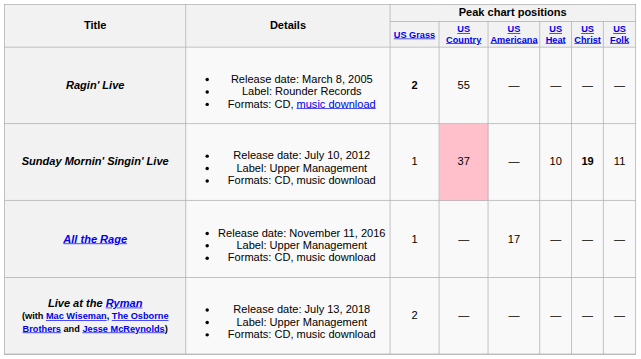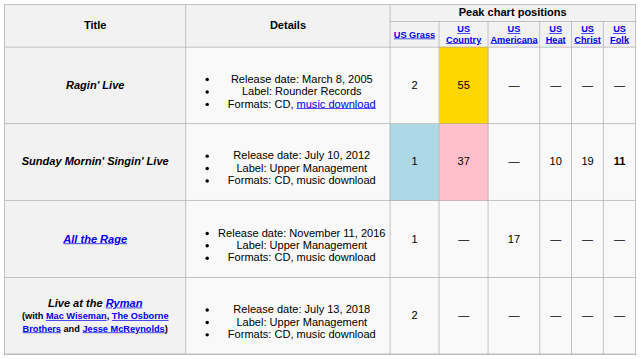 <table class="wikitable plainrowheaders" style="text-align:center;">
 <tr>
 <th rowspan="2" style="width:16em;">Title</th>
 <th rowspan="2" style="width:18em;">Details</th>
 <th colspan="7">Peak chart positions</th>
 </tr>
 <tr style="font-size:smaller;">
 <th width="65"><a href='#'>US Grass</a></th>
 <th width="65"><a href='#'>US Country</a></th>
 <th width="65"><a href='#'>US Americana</a></th>
 <th width="40"><a href='#'>US<br>Heat</a><br></th>
 <th width="40"><a href='#'>US Christ</a><br></th>
 <th width="40"><a href='#'>US<br>Folk</a><br></th>
 </tr>
 <tr>
 <th scope="row"><em>Ragin' Live</em></th>
 <td><br><ul><li>Release date: March 8, 2005</li><li>Label: Rounder Records</li><li>Formats: CD, <a href='#'>music download</a></li></ul></td>
-<td><strong>2</strong></td>
-<td>55</td>
+<td>2</td>
+<td style="background: gold;">55</td>
 <td>—</td>
 <td>—</td>
 <td>—</td>
 <td>—</td>
 </tr>
 <tr>
 <th scope="row"><em>Sunday Mornin' Singin' Live</em></th>
 <td><br><ul><li>Release date: July 10, 2012</li><li>Label: Upper Management</li><li>Formats: CD, music download</li></ul></td>
-<td>1</td>
+<td style="background: lightblue;">1</td>
 <td style="background: pink;">37</td>
 <td>—</td>
 <td>10</td>
-<td><strong>19</strong></td>
-<td>11</td>
+<td>19</td>
+<td><strong>11</strong></td>
 </tr>
 <tr>
 <th scope="row"><em><a href='#'>All the Rage</a></em></th>
 <td><br><ul><li>Release date: November 11, 2016</li><li>Label: Upper Management</li><li>Formats: CD, music download</li></ul></td>
 <td>1</td>
 <td>—</td>
 <td>17</td>
 <td>—</td>
 <td>—</td>
 <td>—</td>
 </tr>
 <tr>
 <th scope="row"><em>Live at the <a href='#'>Ryman</a></em> <br> <small>(with <a href='#'>Mac Wiseman</a>, <a href='#'>The Osborne Brothers</a> and <a href='#'>Jesse McReynolds</a>)</small></th>
 <td><br><ul><li>Release date: July 13, 2018</li><li>Label: Upper Management</li><li>Formats: CD, music download</li></ul></td>
 <td>2</td>
 <td>—</td>
 <td>—</td>
 <td>—</td>
 <td>—</td>
 <td>—</td>
 </tr>
 <tr>
 </tr>
 </table>
